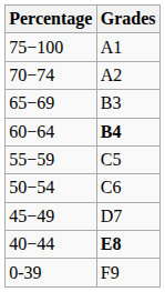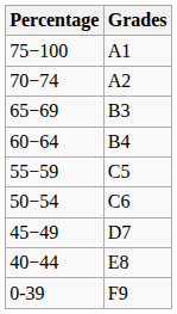 <table class="wikitable">
 <tr>
 <th>Percentage</th>
 <th>Grades</th>
 </tr>
 <tr>
 <td>75−100</td>
 <td>A1</td>
 </tr>
 <tr>
 <td>70−74</td>
 <td>A2</td>
 </tr>
 <tr>
 <td>65−69</td>
 <td>B3</td>
 </tr>
 <tr>
 <td>60−64</td>
-<td><strong>B4</strong></td>
+<td>B4</td>
 </tr>
 <tr>
 <td>55−59</td>
 <td>C5</td>
 </tr>
 <tr>
 <td>50−54</td>
 <td>C6</td>
 </tr>
 <tr>
 <td>45−49</td>
 <td>D7</td>
 </tr>
 <tr>
 <td>40−44</td>
-<td><strong>E8</strong></td>
+<td>E8</td>
 </tr>
 <tr>
 <td>0-39</td>
 <td>F9</td>
 </tr>
 </table>
